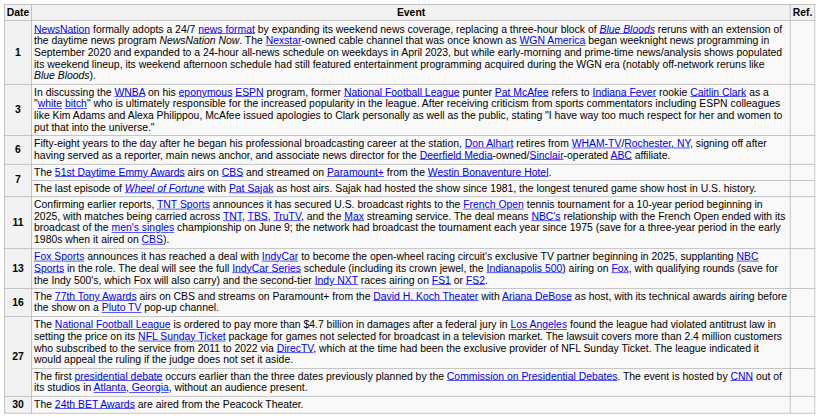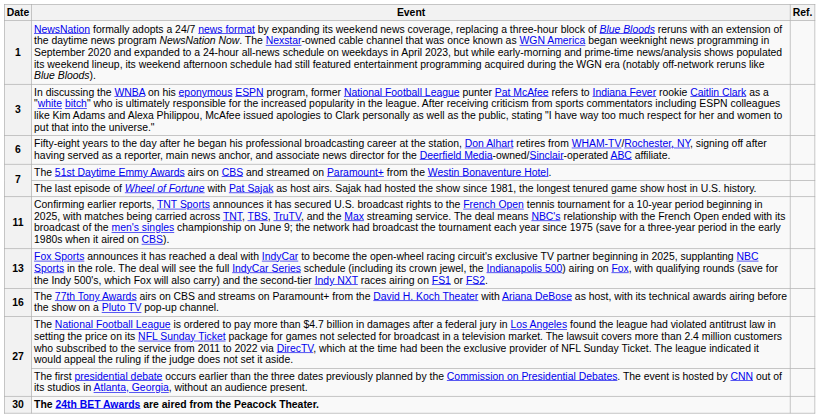 <table class="wikitable sortable">
 <tr>
 <th>Date</th>
 <th>Event</th>
 <th>Ref.</th>
 </tr>
 <tr>
 <th>1</th>
 <td><a href='#'>NewsNation</a> formally adopts a 24/7 <a href='#'>news format</a> by expanding its weekend news coverage, replacing a three-hour block of <em><a href='#'>Blue Bloods</a></em> reruns with an extension of the daytime news program <em>NewsNation Now</em>. The <a href='#'>Nexstar</a>-owned cable channel that was once known as <a href='#'>WGN America</a> began weeknight news programming in September 2020 and expanded to a 24-hour all-news schedule on weekdays in April 2023, but while early-morning and prime-time news/analysis shows populated its weekend lineup, its weekend afternoon schedule had still featured entertainment programming acquired during the WGN era (notably off-network reruns like <em>Blue Bloods</em>).</td>
 <td></td>
 </tr>
 <tr>
 <th>3</th>
 <td>In discussing the <a href='#'>WNBA</a> on his <a href='#'>eponymous</a> <a href='#'>ESPN</a> program, former <a href='#'>National Football League</a> punter <a href='#'>Pat McAfee</a> refers to <a href='#'>Indiana Fever</a> rookie <a href='#'>Caitlin Clark</a> as a "<a href='#'>white</a> <a href='#'>bitch</a>" who is ultimately responsible for the increased popularity in the league. After receiving criticism from sports commentators including ESPN colleagues like Kim Adams and Alexa Philippou, McAfee issued apologies to Clark personally as well as the public, stating "I have way too much respect for her and women to put that into the universe."</td>
 <td></td>
 </tr>
 <tr>
 <th>6</th>
 <td>Fifty-eight years to the day after he began his professional broadcasting career at the station, <a href='#'>Don Alhart</a> retires from <a href='#'>WHAM-TV</a>/<a href='#'>Rochester, NY</a>, signing off after having served as a reporter, main news anchor, and associate news director for the <a href='#'>Deerfield Media</a>-owned/<a href='#'>Sinclair</a>-operated <a href='#'>ABC</a> affiliate.</td>
 <td></td>
 </tr>
 <tr>
 <th rowspan="2">7</th>
 <td>The <a href='#'>51st Daytime Emmy Awards</a> airs on <a href='#'>CBS</a> and streamed on <a href='#'>Paramount+</a> from the <a href='#'>Westin Bonaventure Hotel</a>.</td>
 <td></td>
 </tr>
 <tr>
 <td>The last episode of <em><a href='#'>Wheel of Fortune</a></em> with <a href='#'>Pat Sajak</a> as host airs. Sajak had hosted the show since 1981, the longest tenured game show host in U.S. history.</td>
 <td></td>
 </tr>
 <tr>
 <th>11</th>
 <td>Confirming earlier reports, <a href='#'>TNT Sports</a> announces it has secured U.S. broadcast rights to the <a href='#'>French Open</a> tennis tournament for a 10-year period beginning in 2025, with matches being carried across <a href='#'>TNT</a>, <a href='#'>TBS</a>, <a href='#'>TruTV</a>, and the <a href='#'>Max</a> streaming service. The deal means <a href='#'>NBC's</a> relationship with the French Open ended with its broadcast of the <a href='#'>men's singles</a> championship on June 9; the network had broadcast the tournament each year since 1975 (save for a three-year period in the early 1980s when it aired on <a href='#'>CBS</a>).</td>
 <td></td>
 </tr>
 <tr>
 <th>13</th>
 <td><a href='#'>Fox Sports</a> announces it has reached a deal with <a href='#'>IndyCar</a> to become the open-wheel racing circuit's exclusive TV partner beginning in 2025, supplanting <a href='#'>NBC Sports</a> in the role. The deal will see the full <a href='#'>IndyCar Series</a> schedule (including its crown jewel, the <a href='#'>Indianapolis 500</a>) airing on <a href='#'>Fox</a>, with qualifying rounds (save for the Indy 500's, which Fox will also carry) and the second-tier <a href='#'>Indy NXT</a> races airing on <a href='#'>FS1</a> or <a href='#'>FS2</a>.</td>
 <td></td>
 </tr>
 <tr>
 <th>16</th>
 <td>The <a href='#'>77th Tony Awards</a> airs on CBS and streams on Paramount+ from the <a href='#'>David H. Koch Theater</a> with <a href='#'>Ariana DeBose</a> as host, with its technical awards airing before the show on a <a href='#'>Pluto TV</a> pop-up channel.</td>
 <td><br></td>
 </tr>
 <tr>
 <th rowspan="2">27</th>
 <td>The <a href='#'>National Football League</a> is ordered to pay more than $4.7 billion in damages after a federal jury in <a href='#'>Los Angeles</a> found the league had violated antitrust law in setting the price on its <a href='#'>NFL Sunday Ticket</a> package for games not selected for broadcast in a television market. The lawsuit covers more than 2.4 million customers who subscribed to the service from 2011 to 2022 via <a href='#'>DirecTV</a>, which at the time had been the exclusive provider of NFL Sunday Ticket. The league indicated it would appeal the ruling if the judge does not set it aside.</td>
 <td></td>
 </tr>
 <tr>
 <td>The first <a href='#'>presidential debate</a> occurs earlier than the three dates previously planned by the <a href='#'>Commission on Presidential Debates</a>. The event is hosted by <a href='#'>CNN</a> out of its studios in <a href='#'>Atlanta, Georgia</a>, without an audience present.</td>
 <td></td>
 </tr>
 <tr>
 <th>30</th>
-<td>The <a href='#'>24th BET Awards</a> are aired from the Peacock Theater.</td>
+<td><strong>The <a href='#'>24th BET Awards</a> are aired from the Peacock Theater.</strong></td>
 <td></td>
 </tr>
 </table>
